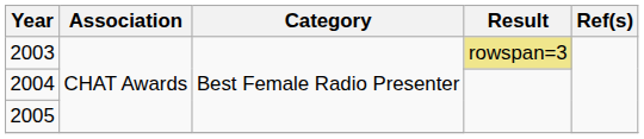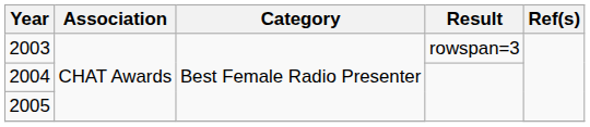 <table class="wikitable sortable">
 <tr>
 <th>Year</th>
 <th>Association</th>
 <th>Category</th>
 <th>Result</th>
 <th>Ref(s)</th>
 </tr>
 <tr>
 <td>2003</td>
 <td rowspan=3>CHAT Awards</td>
 <td rowspan=3>Best Female Radio Presenter</td>
-<td style="background: khaki;">rowspan=3 </td>
+<td>rowspan=3 </td>
 <td rowspan=3></td>
 </tr>
 <tr>
 <td>2004</td>
 </tr>
 <tr>
 <td>2005</td>
 </tr>
 <tr>
 </tr>
 </table>
